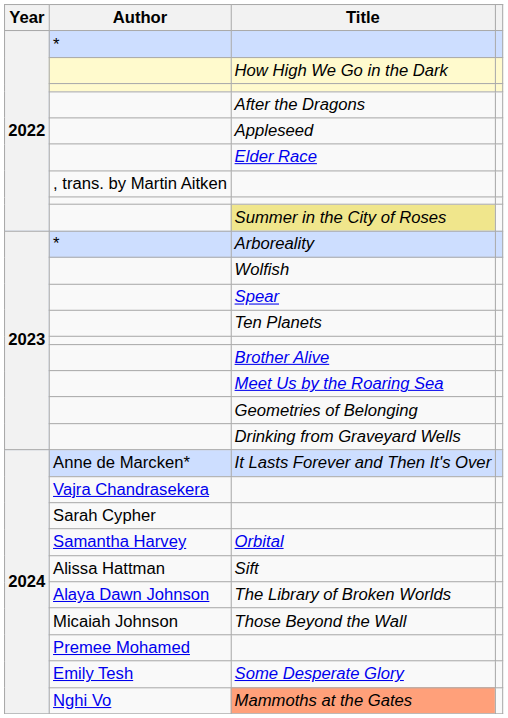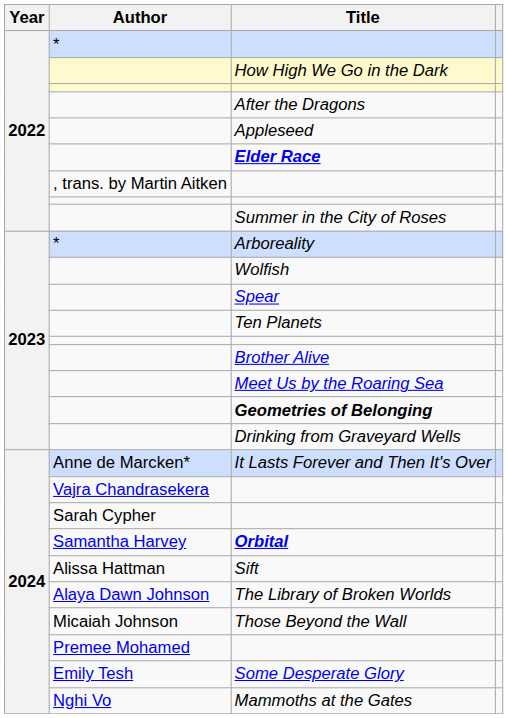 <table class="wikitable sortable">
 <tr>
 <th scope=col>Year</th>
 <th scope=col>Author</th>
 <th scope=col>Title</th>
 <th scope=col class=unsortable></th>
 </tr>
 <tr style="background:#cddeff">
 <th scope=row rowspan="9">2022</th>
 <td>*</td>
 <td><em></em></td>
 <td align=center></td>
 </tr>
 <tr style="background:LemonChiffon;">
 <td></td>
 <td><em>How High We Go in the Dark</em></td>
 <td align=center></td>
 </tr>
 <tr style="background:LemonChiffon;">
 <td></td>
 <td><em></em></td>
 <td align=center></td>
 </tr>
 <tr>
 <td></td>
 <td><em>After the Dragons</em></td>
 <td align=center></td>
 </tr>
 <tr>
 <td></td>
 <td><em>Appleseed</em></td>
 <td align=center></td>
 </tr>
 <tr>
 <td></td>
-<td><em><a href='#'>Elder Race</a></em></td>
+<td><strong><em><a href='#'>Elder Race</a></em></strong></td>
 <td align=center></td>
 </tr>
 <tr>
 <td>, trans. by Martin Aitken</td>
 <td></td>
 <td align=center></td>
 </tr>
 <tr>
 <td></td>
 <td><em></em></td>
 <td align=center></td>
 </tr>
 <tr>
 <td></td>
-<td style="background: khaki;"><em>Summer in the City of Roses</em></td>
+<td><em>Summer in the City of Roses</em></td>
 <td align=center></td>
 </tr>
 <tr style="background:#cddeff">
 <th scope=row rowspan="9">2023</th>
 <td>*</td>
 <td><em>Arboreality</em></td>
 <td align=center></td>
 </tr>
 <tr>
 <td></td>
 <td><em>Wolfish</em></td>
 <td align=center></td>
 </tr>
 <tr>
 <td></td>
 <td><em><a href='#'>Spear</a></em></td>
 <td align=center></td>
 </tr>
 <tr>
 <td></td>
 <td><em>Ten Planets</em></td>
 <td align=center></td>
 </tr>
 <tr>
 <td></td>
 <td></td>
 <td align=center></td>
 </tr>
 <tr>
 <td></td>
 <td><em><a href='#'>Brother Alive</a></em></td>
 <td align=center></td>
 </tr>
 <tr>
 <td></td>
 <td><em><a href='#'>Meet Us by the Roaring Sea</a></em></td>
 <td align=center></td>
 </tr>
 <tr>
 <td></td>
-<td><em>Geometries of Belonging</em></td>
+<td><strong><em>Geometries of Belonging</em></strong></td>
 <td align=center></td>
 </tr>
 <tr>
 <td></td>
 <td><em>Drinking from Graveyard Wells</em></td>
 <td align=center></td>
 </tr>
 <tr style="background:#cddeff">
 <th rowspan="10">2024</th>
 <td>Anne de Marcken*</td>
 <td><em>It Lasts Forever and Then It's Over</em></td>
 <td align=center></td>
 </tr>
 <tr>
 <td><a href='#'>Vajra Chandrasekera</a></td>
 <td></td>
 <td align=center></td>
 </tr>
 <tr>
 <td>Sarah Cypher</td>
 <td></td>
 <td align=center></td>
 </tr>
 <tr>
 <td><a href='#'>Samantha Harvey</a></td>
-<td><em><a href='#'>Orbital</a></em></td>
+<td><strong><em><a href='#'>Orbital</a></em></strong></td>
 <td align=center></td>
 </tr>
 <tr>
 <td>Alissa Hattman</td>
 <td><em>Sift</em></td>
 <td align=center></td>
 </tr>
 <tr>
 <td><a href='#'>Alaya Dawn Johnson</a></td>
 <td><em>The Library of Broken Worlds</em></td>
 <td align=center></td>
 </tr>
 <tr>
 <td>Micaiah Johnson</td>
 <td><em>Those Beyond the Wall</em></td>
 <td align=center></td>
 </tr>
 <tr>
 <td><a href='#'>Premee Mohamed</a></td>
 <td></td>
 <td align=center></td>
 </tr>
 <tr>
 <td><a href='#'>Emily Tesh</a></td>
 <td><em><a href='#'>Some Desperate Glory</a></em></td>
 <td align=center></td>
 </tr>
 <tr>
 <td><a href='#'>Nghi Vo</a></td>
-<td style="background: lightsalmon;"><em>Mammoths at the Gates</em></td>
+<td><em>Mammoths at the Gates</em></td>
 <td align=center></td>
 </tr>
 </table>
